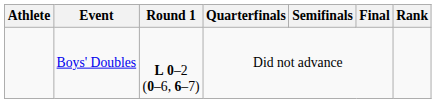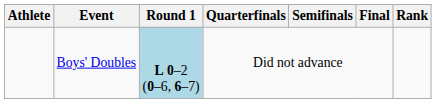 <table class=wikitable style="font-size:90%">
 <tr>
 <th>Athlete</th>
 <th>Event</th>
 <th>Round 1</th>
 <th>Quarterfinals</th>
 <th>Semifinals</th>
 <th>Final</th>
 <th>Rank</th>
 </tr>
 <tr>
 <td> <br></td>
 <td><a href='#'>Boys' Doubles</a></td>
-<td align=center><br><br><strong>L</strong> <strong>0</strong>–2<br> (<strong>0</strong>–6, <strong>6</strong>–7)</td>
+<td align=center style="background: lightblue;"><br><br><strong>L</strong> <strong>0</strong>–2<br> (<strong>0</strong>–6, <strong>6</strong>–7)</td>
 <td colspan=3 align=center>Did not advance</td>
 <td align=center></td>
 </tr>
 </table>
